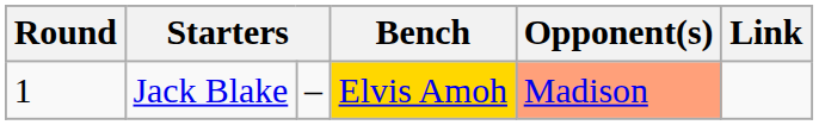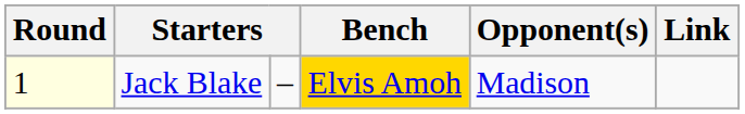 <table class="wikitable">
 <tr>
 <th>Round</th>
 <th colspan="2">Starters</th>
 <th>Bench</th>
 <th>Opponent(s)</th>
 <th>Link</th>
 </tr>
 <tr>
-<td>1</td>
+<td style="background: lightyellow;">1</td>
 <td> <a href='#'>Jack Blake</a></td>
 <td>–</td>
 <td style="background: gold;"> <a href='#'>Elvis Amoh</a></td>
-<td style="background: lightsalmon;"><a href='#'>Madison</a></td>
+<td><a href='#'>Madison</a></td>
 <td></td>
 </tr>
 </table>
